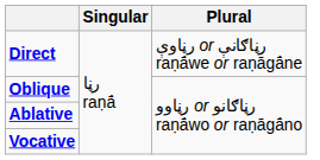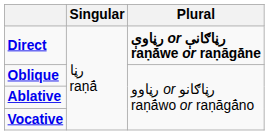 <table class="wikitable">
 <tr>
 <th></th>
 <th>Singular</th>
 <th>Plural</th>
 </tr>
 <tr>
 <td><strong><a href='#'>Direct</a></strong></td>
 <td rowspan="4">رڼا<br>raṇā́</td>
-<td>رڼاوې <em>or</em> رڼاګانې<br>raṇā́we <em>or</em> raṇāgā́ne</td>
+<td><strong>رڼاوې <em>or</em> رڼاګانې<br>raṇā́we <em>or</em> raṇāgā́ne</strong></td>
 </tr>
 <tr>
 <td><strong><a href='#'>Oblique</a></strong></td>
 <td rowspan="3">رڼاوو <em>or</em> رڼاګانو<br>raṇā́wo <em>or</em> raṇāgā́no</td>
 </tr>
 <tr>
 <td><strong><a href='#'>Ablative</a></strong></td>
 </tr>
 <tr>
 <td><strong><a href='#'>Vocative</a></strong></td>
 </tr>
 </table>
